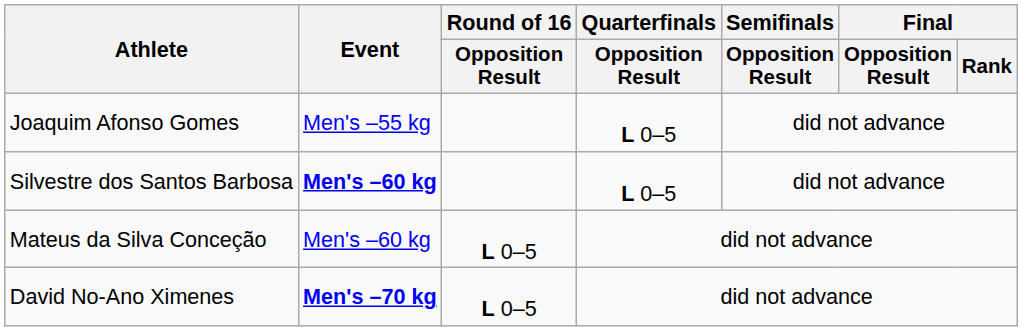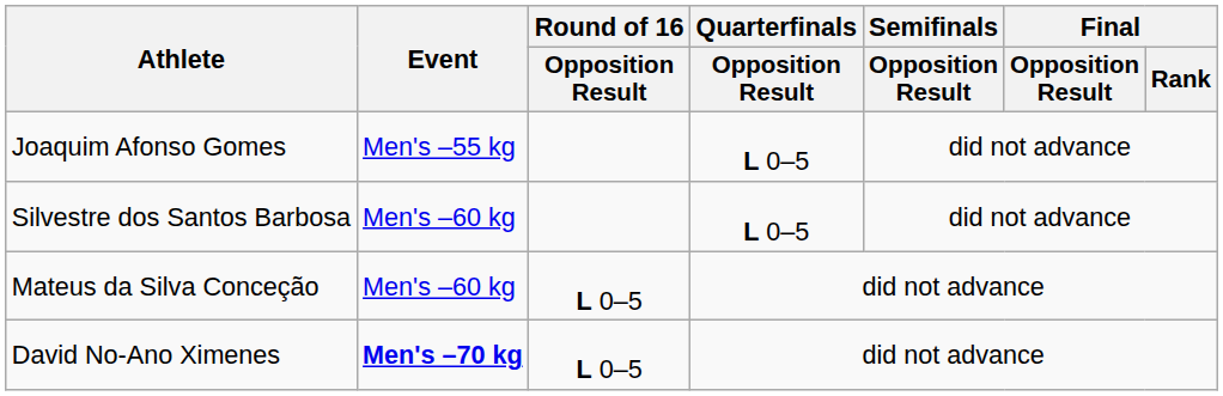 <table class=wikitable style=font-size:90%;text-align:center>
 <tr>
 <th rowspan=2>Athlete</th>
 <th rowspan=2>Event</th>
 <th>Round of 16</th>
 <th>Quarterfinals</th>
 <th>Semifinals</th>
 <th colspan=2>Final</th>
 </tr>
 <tr style="font-size:95%">
 <th>Opposition<br>Result</th>
 <th>Opposition<br>Result</th>
 <th>Opposition<br>Result</th>
 <th>Opposition<br>Result</th>
 <th>Rank</th>
 </tr>
 <tr>
 <td align=left>Joaquim Afonso Gomes</td>
 <td align=left><a href='#'>Men's –55 kg</a></td>
 <td></td>
 <td> <br><strong>L</strong> 0–5</td>
 <td colspan=3>did not advance</td>
 </tr>
 <tr>
 <td align=left>Silvestre dos Santos Barbosa</td>
-<td align=left><strong><a href='#'>Men's –60 kg</a></strong></td>
+<td align=left><a href='#'>Men's –60 kg</a></td>
 <td></td>
 <td> <br><strong>L</strong> 0–5</td>
 <td colspan=3>did not advance</td>
 </tr>
 <tr>
 <td align=left>Mateus da Silva Conceção</td>
 <td align=left><a href='#'>Men's –60 kg</a></td>
 <td> <br><strong>L</strong> 0–5</td>
 <td colspan=4>did not advance</td>
 </tr>
 <tr>
 <td align=left>David No-Ano Ximenes</td>
 <td align=left><strong><a href='#'>Men's –70 kg</a></strong></td>
 <td> <br><strong>L</strong> 0–5</td>
 <td colspan=4>did not advance</td>
 </tr>
 </table>
